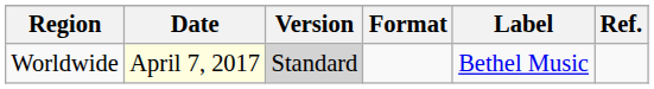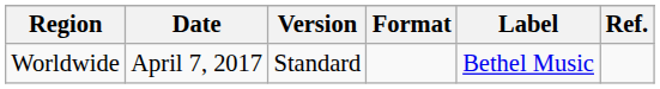 <table class="wikitable plainrowheaders">
 <tr>
 </tr>
 <tr>
 <th scope="col">Region</th>
 <th scope="col">Date</th>
 <th scope="col">Version</th>
 <th scope="col">Format</th>
 <th scope="col">Label</th>
 <th scope="col">Ref.</th>
 </tr>
 <tr>
 <td>Worldwide</td>
-<td style="background: lightyellow;">April 7, 2017</td>
-<td style="background: lightgrey;">Standard</td>
+<td>April 7, 2017</td>
+<td>Standard</td>
 <td></td>
 <td><a href='#'>Bethel Music</a></td>
 <td></td>
 </tr>
 </table>
